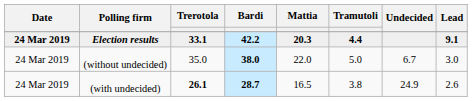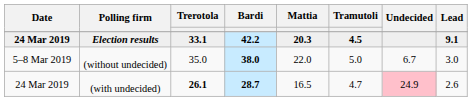 <table class=wikitable style="text-align:center;font-size:85%;line-height:13px">
 <tr style="height:30px; background-color:#E9E9E9">
 <th style="width:100px;" rowspan="2">Date</th>
 <th style="width:120px;" rowspan="2">Polling firm</th>
 <th style="width:65px;">Trerotola</th>
 <th style="width:65px;">Bardi</th>
 <th style="width:65px;">Mattia</th>
 <th style="width:65px;">Tramutoli</th>
 <th style="width:65px;" rowspan="2">Undecided</th>
 <th style="width:35px;" rowspan="2">Lead</th>
 </tr>
 <tr>
 <th style="background:"></th>
 <th style="background:"></th>
 <th style="background:"></th>
 <th style="background:"></th>
 </tr>
 <tr>
 </tr>
 <tr style="background:#EFEFEF; font-weight:bold;">
 <td>24 Mar 2019</td>
 <td><em>Election results</em></td>
 <td>33.1</td>
 <td style="background:#C8EBFF"><strong>42.2</strong></td>
 <td>20.3</td>
-<td>4.4</td>
+<td>4.5</td>
 <td></td>
 <td style="background:">9.1</td>
 </tr>
 <tr>
-<td>24 Mar 2019</td>
+<td>5–8 Mar 2019</td>
 <td><br>(without undecided)</td>
 <td>35.0</td>
 <td style="background:#C8EBFF"><strong>38.0</strong></td>
 <td>22.0</td>
 <td>5.0</td>
 <td>6.7</td>
 <td style="background:">3.0</td>
 </tr>
 <tr>
 <td>24 Mar 2019</td>
 <td><br>(with undecided)</td>
 <td><strong>26.1</strong></td>
 <td style="background:#C8EBFF"><strong>28.7</strong></td>
 <td>16.5</td>
-<td>3.8</td>
-<td>24.9</td>
+<td>4.7</td>
+<td style="background: pink;">24.9</td>
 <td style="background:">2.6</td>
 </tr>
 </table>
